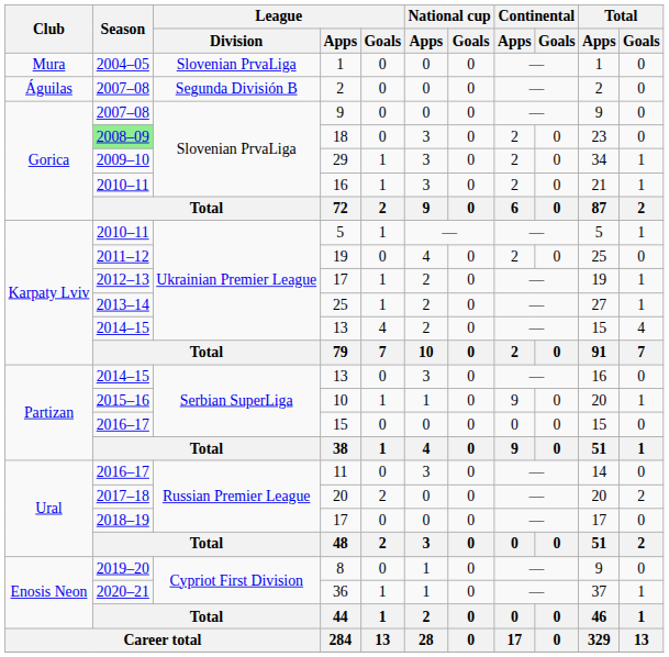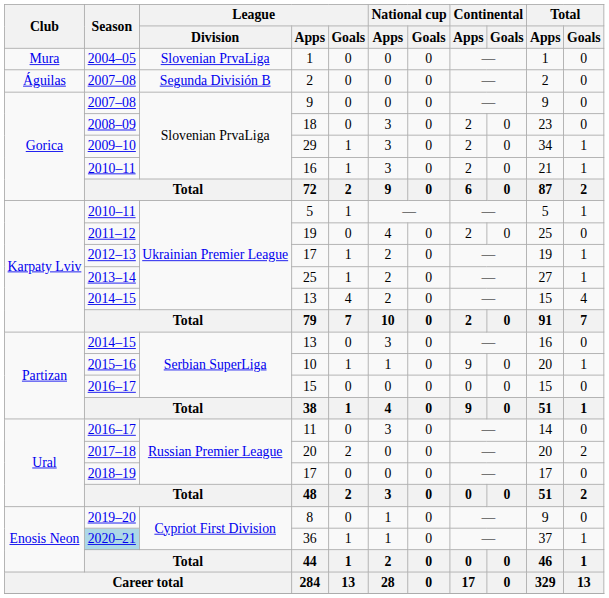 <table class="wikitable" style="text-align:center">
 <tr>
 <th rowspan=2>Club</th>
 <th rowspan=2>Season</th>
 <th colspan=3>League</th>
 <th colspan=2>National cup</th>
 <th colspan=2>Continental</th>
 <th colspan=2>Total</th>
 </tr>
 <tr>
 <th>Division</th>
 <th>Apps</th>
 <th>Goals</th>
 <th>Apps</th>
 <th>Goals</th>
 <th>Apps</th>
 <th>Goals</th>
 <th>Apps</th>
 <th>Goals</th>
 </tr>
 <tr>
 <td><a href='#'>Mura</a></td>
 <td><a href='#'>2004–05</a></td>
 <td><a href='#'>Slovenian PrvaLiga</a></td>
 <td>1</td>
 <td>0</td>
 <td>0</td>
 <td>0</td>
 <td colspan=2>—</td>
 <td>1</td>
 <td>0</td>
 </tr>
 <tr>
 <td><a href='#'>Águilas</a></td>
 <td><a href='#'>2007–08</a></td>
 <td><a href='#'>Segunda División B</a></td>
 <td>2</td>
 <td>0</td>
 <td>0</td>
 <td>0</td>
 <td colspan=2>—</td>
 <td>2</td>
 <td>0</td>
 </tr>
 <tr>
 <td rowspan=5><a href='#'>Gorica</a></td>
 <td><a href='#'>2007–08</a></td>
 <td rowspan=4>Slovenian PrvaLiga</td>
 <td>9</td>
 <td>0</td>
 <td>0</td>
 <td>0</td>
 <td colspan=2>—</td>
 <td>9</td>
 <td>0</td>
 </tr>
 <tr>
-<td style="background: lightgreen;"><a href='#'>2008–09</a></td>
+<td><a href='#'>2008–09</a></td>
 <td>18</td>
 <td>0</td>
 <td>3</td>
 <td>0</td>
 <td>2</td>
 <td>0</td>
 <td>23</td>
 <td>0</td>
 </tr>
 <tr>
 <td><a href='#'>2009–10</a></td>
 <td>29</td>
 <td>1</td>
 <td>3</td>
 <td>0</td>
 <td>2</td>
 <td>0</td>
 <td>34</td>
 <td>1</td>
 </tr>
 <tr>
 <td><a href='#'>2010–11</a></td>
 <td>16</td>
 <td>1</td>
 <td>3</td>
 <td>0</td>
 <td>2</td>
 <td>0</td>
 <td>21</td>
 <td>1</td>
 </tr>
 <tr>
 <th colspan=2>Total</th>
 <th>72</th>
 <th>2</th>
 <th>9</th>
 <th>0</th>
 <th>6</th>
 <th>0</th>
 <th>87</th>
 <th>2</th>
 </tr>
 <tr>
 <td rowspan=6><a href='#'>Karpaty Lviv</a></td>
 <td><a href='#'>2010–11</a></td>
 <td rowspan=5><a href='#'>Ukrainian Premier League</a></td>
 <td>5</td>
 <td>1</td>
 <td colspan=2>—</td>
 <td colspan=2>—</td>
 <td>5</td>
 <td>1</td>
 </tr>
 <tr>
 <td><a href='#'>2011–12</a></td>
 <td>19</td>
 <td>0</td>
 <td>4</td>
 <td>0</td>
 <td>2</td>
 <td>0</td>
 <td>25</td>
 <td>0</td>
 </tr>
 <tr>
 <td><a href='#'>2012–13</a></td>
 <td>17</td>
 <td>1</td>
 <td>2</td>
 <td>0</td>
 <td colspan=2>—</td>
 <td>19</td>
 <td>1</td>
 </tr>
 <tr>
 <td><a href='#'>2013–14</a></td>
 <td>25</td>
 <td>1</td>
 <td>2</td>
 <td>0</td>
 <td colspan=2>—</td>
 <td>27</td>
 <td>1</td>
 </tr>
 <tr>
 <td><a href='#'>2014–15</a></td>
 <td>13</td>
 <td>4</td>
 <td>2</td>
 <td>0</td>
 <td colspan=2>—</td>
 <td>15</td>
 <td>4</td>
 </tr>
 <tr>
 <th colspan=2>Total</th>
 <th>79</th>
 <th>7</th>
 <th>10</th>
 <th>0</th>
 <th>2</th>
 <th>0</th>
 <th>91</th>
 <th>7</th>
 </tr>
 <tr>
 <td rowspan=4><a href='#'>Partizan</a></td>
 <td><a href='#'>2014–15</a></td>
 <td rowspan=3><a href='#'>Serbian SuperLiga</a></td>
 <td>13</td>
 <td>0</td>
 <td>3</td>
 <td>0</td>
 <td colspan=2>—</td>
 <td>16</td>
 <td>0</td>
 </tr>
 <tr>
 <td><a href='#'>2015–16</a></td>
 <td>10</td>
 <td>1</td>
 <td>1</td>
 <td>0</td>
 <td>9</td>
 <td>0</td>
 <td>20</td>
 <td>1</td>
 </tr>
 <tr>
 <td><a href='#'>2016–17</a></td>
 <td>15</td>
 <td>0</td>
 <td>0</td>
 <td>0</td>
 <td>0</td>
 <td>0</td>
 <td>15</td>
 <td>0</td>
 </tr>
 <tr>
 <th colspan=2>Total</th>
 <th>38</th>
 <th>1</th>
 <th>4</th>
 <th>0</th>
 <th>9</th>
 <th>0</th>
 <th>51</th>
 <th>1</th>
 </tr>
 <tr>
 <td rowspan=4><a href='#'>Ural</a></td>
 <td><a href='#'>2016–17</a></td>
 <td rowspan=3><a href='#'>Russian Premier League</a></td>
 <td>11</td>
 <td>0</td>
 <td>3</td>
 <td>0</td>
 <td colspan=2>—</td>
 <td>14</td>
 <td>0</td>
 </tr>
 <tr>
 <td><a href='#'>2017–18</a></td>
 <td>20</td>
 <td>2</td>
 <td>0</td>
 <td>0</td>
 <td colspan=2>—</td>
 <td>20</td>
 <td>2</td>
 </tr>
 <tr>
 <td><a href='#'>2018–19</a></td>
 <td>17</td>
 <td>0</td>
 <td>0</td>
 <td>0</td>
 <td colspan=2>—</td>
 <td>17</td>
 <td>0</td>
 </tr>
 <tr>
 <th colspan=2>Total</th>
 <th>48</th>
 <th>2</th>
 <th>3</th>
 <th>0</th>
 <th>0</th>
 <th>0</th>
 <th>51</th>
 <th>2</th>
 </tr>
 <tr>
 <td rowspan=3><a href='#'>Enosis Neon</a></td>
 <td><a href='#'>2019–20</a></td>
 <td rowspan=2><a href='#'>Cypriot First Division</a></td>
 <td>8</td>
 <td>0</td>
 <td>1</td>
 <td>0</td>
 <td colspan=2>—</td>
 <td>9</td>
 <td>0</td>
 </tr>
 <tr>
-<td><a href='#'>2020–21</a></td>
+<td style="background: lightblue;"><a href='#'>2020–21</a></td>
 <td>36</td>
 <td>1</td>
 <td>1</td>
 <td>0</td>
 <td colspan=2>—</td>
 <td>37</td>
 <td>1</td>
 </tr>
 <tr>
 <th colspan=2>Total</th>
 <th>44</th>
 <th>1</th>
 <th>2</th>
 <th>0</th>
 <th>0</th>
 <th>0</th>
 <th>46</th>
 <th>1</th>
 </tr>
 <tr>
 <th colspan=3>Career total</th>
 <th>284</th>
 <th>13</th>
 <th>28</th>
 <th>0</th>
 <th>17</th>
 <th>0</th>
 <th>329</th>
 <th>13</th>
 </tr>
 <tr>
 </tr>
 </table>
